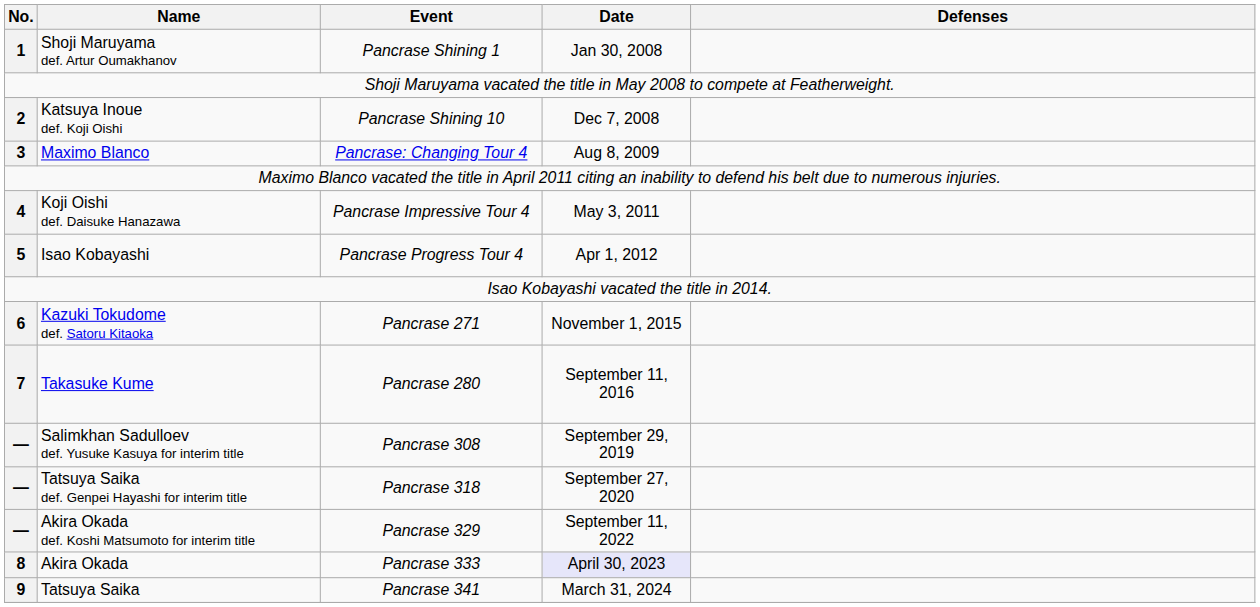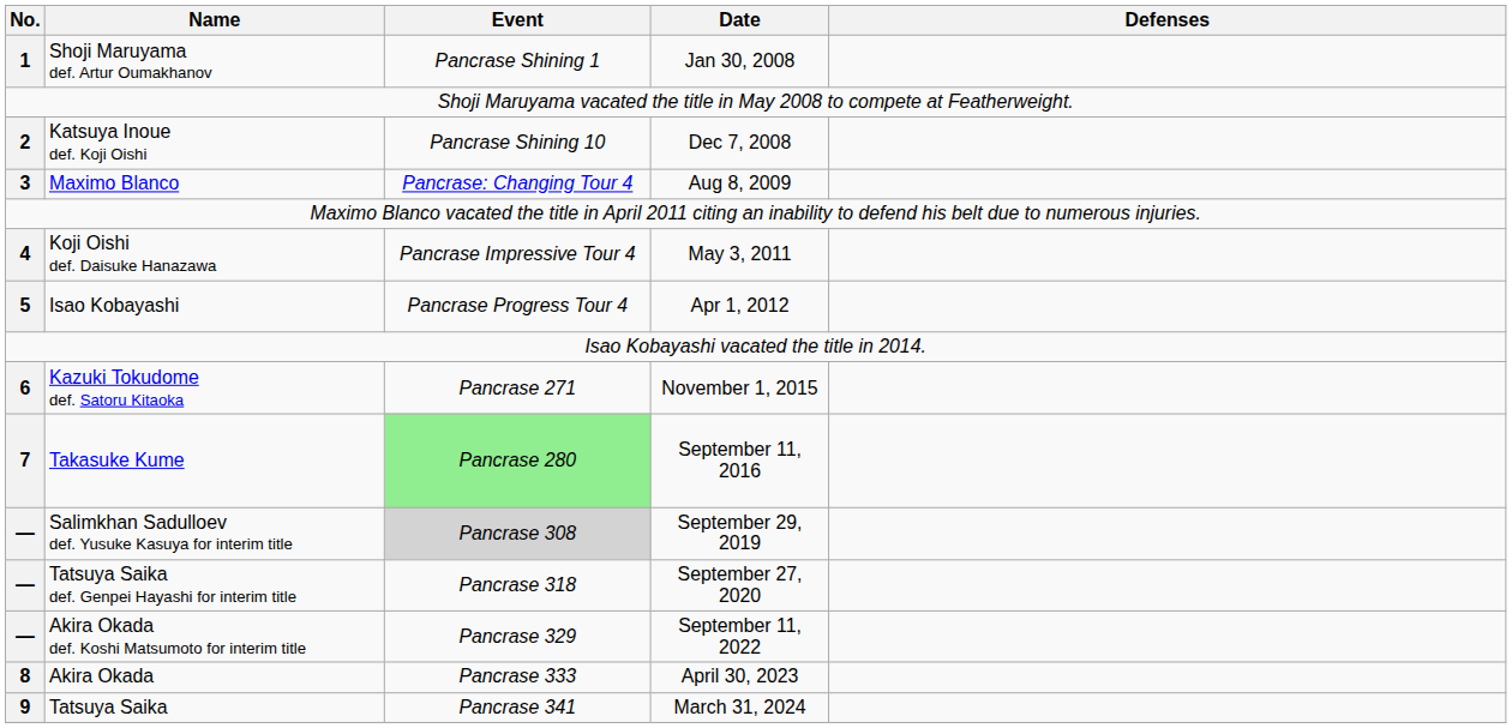 <table class="wikitable" width=100%>
 <tr>
 <th width=1%>No.</th>
 <th width=23%>Name</th>
 <th width=18%>Event</th>
 <th width=12%>Date</th>
 <th width=46%>Defenses</th>
 </tr>
 <tr>
 <th>1</th>
 <td align=left> Shoji Maruyama<br><small>def. Artur Oumakhanov</small></td>
 <td align=center><em>Pancrase Shining 1</em><br></td>
 <td align=center>Jan 30, 2008</td>
 <td></td>
 </tr>
 <tr>
 <td colspan=5 align=center><em>Shoji Maruyama vacated the title in May 2008 to compete at Featherweight.</em></td>
 </tr>
 <tr>
 <th>2</th>
 <td align=left> Katsuya Inoue<br><small>def. Koji Oishi</small></td>
 <td align=center><em>Pancrase Shining 10</em><br></td>
 <td align=center>Dec 7, 2008</td>
 <td><br></td>
 </tr>
 <tr>
 <th>3</th>
 <td align=left> <a href='#'>Maximo Blanco</a></td>
 <td align=center><em><a href='#'>Pancrase: Changing Tour 4</a></em><br></td>
 <td align=center>Aug 8, 2009</td>
 <td></td>
 </tr>
 <tr>
 <td colspan=5 align=center><em>Maximo Blanco vacated the title in April 2011 citing an inability to defend his belt due to numerous injuries.</em></td>
 </tr>
 <tr>
 <th>4</th>
 <td align=left> Koji Oishi<br><small>def. Daisuke Hanazawa</small></td>
 <td align=center><em>Pancrase Impressive Tour 4</em><br></td>
 <td align=center>May 3, 2011</td>
 <td></td>
 </tr>
 <tr>
 <th>5</th>
 <td align=left> Isao Kobayashi</td>
 <td align=center><em>Pancrase Progress Tour 4</em><br></td>
 <td align=center>Apr 1, 2012</td>
 <td><br><br></td>
 </tr>
 <tr>
 <td colspan=5 align=center><em>Isao Kobayashi vacated the title in 2014.</em></td>
 </tr>
 <tr>
 <th>6</th>
 <td align=left> <a href='#'>Kazuki Tokudome</a> <br> <small> def. <a href='#'>Satoru Kitaoka</a></small></td>
 <td align=center><em>Pancrase 271</em><br></td>
 <td align=center>November 1, 2015</td>
 <td><br><br></td>
 </tr>
 <tr>
 <th>7</th>
 <td align=left> <a href='#'>Takasuke Kume</a></td>
-<td align=center><em>Pancrase 280</em><br></td>
+<td align=center style="background: lightgreen;"><em>Pancrase 280</em><br></td>
 <td align=center>September 11, 2016</td>
 <td><br><br> <br> <br></td>
 </tr>
 <tr>
 <th>—</th>
 <td align=left> Salimkhan Sadulloev<br><small>def. Yusuke Kasuya for interim title</small></td>
-<td align=center><em>Pancrase 308</em><br></td>
+<td align=center style="background: lightgrey;"><em>Pancrase 308</em><br></td>
 <td align=center>September 29, 2019</td>
 <td></td>
 </tr>
 <tr>
 <th>—</th>
 <td align=left> Tatsuya Saika<br><small>def. Genpei Hayashi for interim title</small></td>
 <td align=center><em>Pancrase 318</em><br></td>
 <td align=center>September 27, 2020</td>
 <td></td>
 </tr>
 <tr>
 <th>—</th>
 <td align=left> Akira Okada<br><small>def. Koshi Matsumoto for interim title</small></td>
 <td align=center><em>Pancrase 329</em><br></td>
 <td align=center>September 11, 2022</td>
 <td></td>
 </tr>
 <tr>
 <th>8</th>
 <td align=left> Akira Okada</td>
 <td align=center><em>Pancrase 333</em><br></td>
-<td align=center style="background: lavender;">April 30, 2023</td>
+<td align=center>April 30, 2023</td>
 <td></td>
 </tr>
 <tr>
 <th>9</th>
 <td align=left> Tatsuya Saika</td>
 <td align=center><em>Pancrase 341</em><br></td>
 <td align=center>March 31, 2024</td>
 <td></td>
 </tr>
 <tr>
 </tr>
 </table>
